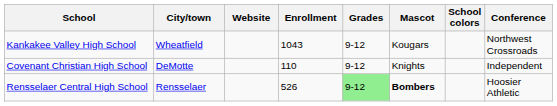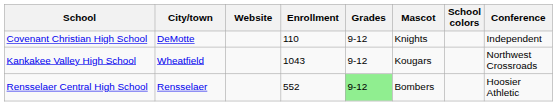 <table class="wikitable sortable" width="70%">
 <tr>
 <th width="20%">School</th>
 <th width="08%">City/town</th>
 <th width="06%">Website</th>
 <th width="04%">Enrollment</th>
 <th width="04%">Grades</th>
 <th width="04%">Mascot</th>
 <th width=01%>School colors</th>
 <th width="04%">Conference</th>
 </tr>
 <tr>
+<td><a href='#'>Covenant Christian High School</a></td>
+<td><a href='#'>DeMotte</a></td>
+<td></td>
+<td>110</td>
+<td>9-12</td>
+<td>Knights</td>
+<td> </td>
+<td>Independent</td>
+</tr>
+<tr>
 <td><a href='#'>Kankakee Valley High School</a></td>
 <td><a href='#'>Wheatfield</a></td>
 <td></td>
 <td>1043</td>
 <td>9-12</td>
 <td>Kougars</td>
 <td>  </td>
 <td>Northwest Crossroads</td>
 </tr>
 <tr>
-<td><a href='#'>Covenant Christian High School</a></td>
-<td><a href='#'>DeMotte</a></td>
-<td></td>
-<td>110</td>
-<td>9-12</td>
-<td>Knights</td>
-<td> </td>
-<td>Independent</td>
-</tr>
-<tr>
 <td><a href='#'>Rensselaer Central High School</a></td>
 <td><a href='#'>Rensselaer</a></td>
 <td></td>
-<td>526</td>
+<td>552</td>
 <td style="background: lightgreen;">9-12</td>
-<td><strong>Bombers</strong></td>
+<td>Bombers</td>
 <td> </td>
 <td>Hoosier Athletic</td>
 </tr>
 </table>
